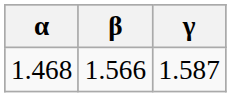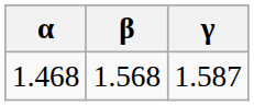 <table class="wikitable">
 <tr>
 <th>α</th>
 <th>β</th>
 <th>γ</th>
 </tr>
 <tr>
 <td>1.468</td>
-<td>1.566</td>
+<td>1.568</td>
 <td>1.587</td>
 </tr>
 </table>
